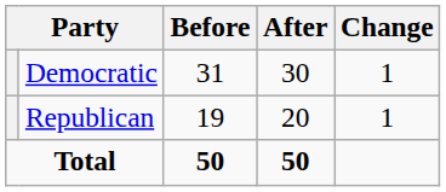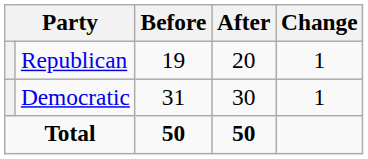 <table class="wikitable" style="text-align:center;">
 <tr>
 <th colspan="2">Party</th>
 <th>Before</th>
 <th>After</th>
 <th>Change</th>
 </tr>
 <tr>
 <th style="background-color:"></th>
-<td style="text-align:left;"><a href='#'>Democratic</a></td>
-<td>31</td>
-<td>30</td>
+<td style="text-align:left;"><a href='#'>Republican</a></td>
+<td>19</td>
+<td>20</td>
 <td> 1</td>
 </tr>
 <tr>
 <th style="background-color:"></th>
-<td style="text-align:left;"><a href='#'>Republican</a></td>
-<td>19</td>
-<td>20</td>
+<td style="text-align:left;"><a href='#'>Democratic</a></td>
+<td>31</td>
+<td>30</td>
 <td> 1</td>
 </tr>
 <tr>
 <td colspan="2"><strong>Total</strong></td>
 <td><strong>50</strong></td>
 <td><strong>50</strong></td>
 <td></td>
 </tr>
 </table>
